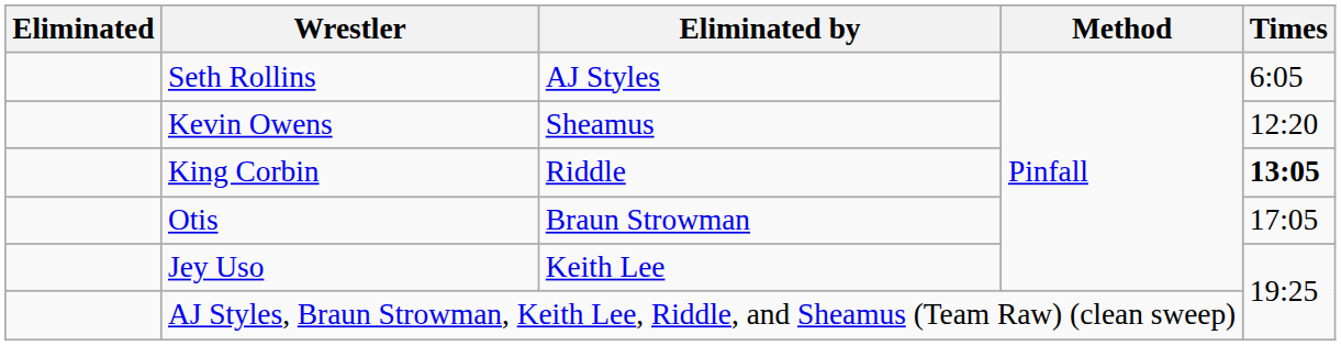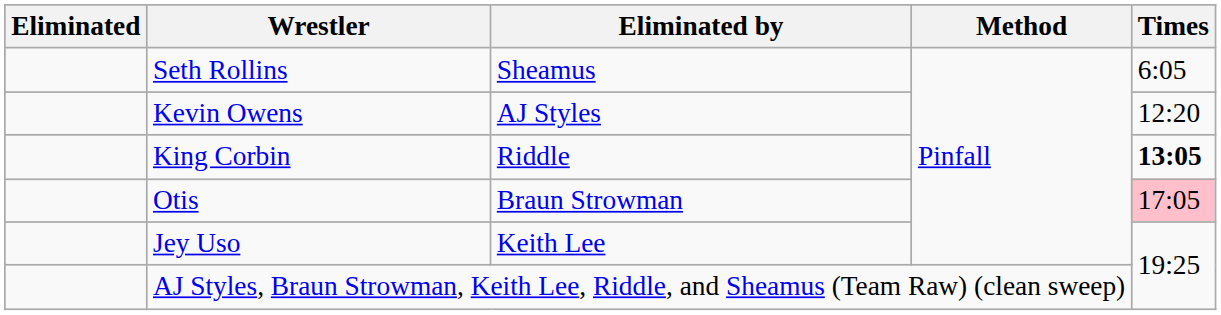 <table class="wikitable sortable">
 <tr>
 <th>Eliminated</th>
 <th>Wrestler</th>
 <th>Eliminated by</th>
 <th>Method</th>
 <th>Times</th>
 </tr>
 <tr>
 <td></td>
 <td><a href='#'>Seth Rollins</a></td>
-<td><a href='#'>AJ Styles</a></td>
+<td><a href='#'>Sheamus</a></td>
 <td rowspan=5><a href='#'>Pinfall</a></td>
 <td>6:05</td>
 </tr>
 <tr>
 <td></td>
 <td><a href='#'>Kevin Owens</a></td>
-<td><a href='#'>Sheamus</a></td>
+<td><a href='#'>AJ Styles</a></td>
 <td>12:20</td>
 </tr>
 <tr>
 <td></td>
 <td><a href='#'>King Corbin</a></td>
 <td><a href='#'>Riddle</a></td>
 <td><strong>13:05</strong></td>
 </tr>
 <tr>
 <td></td>
 <td><a href='#'>Otis</a></td>
 <td><a href='#'>Braun Strowman</a></td>
-<td>17:05</td>
+<td style="background: pink;">17:05</td>
 </tr>
 <tr>
 <td></td>
 <td><a href='#'>Jey Uso</a></td>
 <td><a href='#'>Keith Lee</a></td>
 <td rowspan=2>19:25</td>
 </tr>
 <tr>
 <td></td>
 <td colspan="3"><a href='#'>AJ Styles</a>, <a href='#'>Braun Strowman</a>, <a href='#'>Keith Lee</a>, <a href='#'>Riddle</a>, and <a href='#'>Sheamus</a> (Team Raw) (clean sweep)</td>
 </tr>
 </table>
